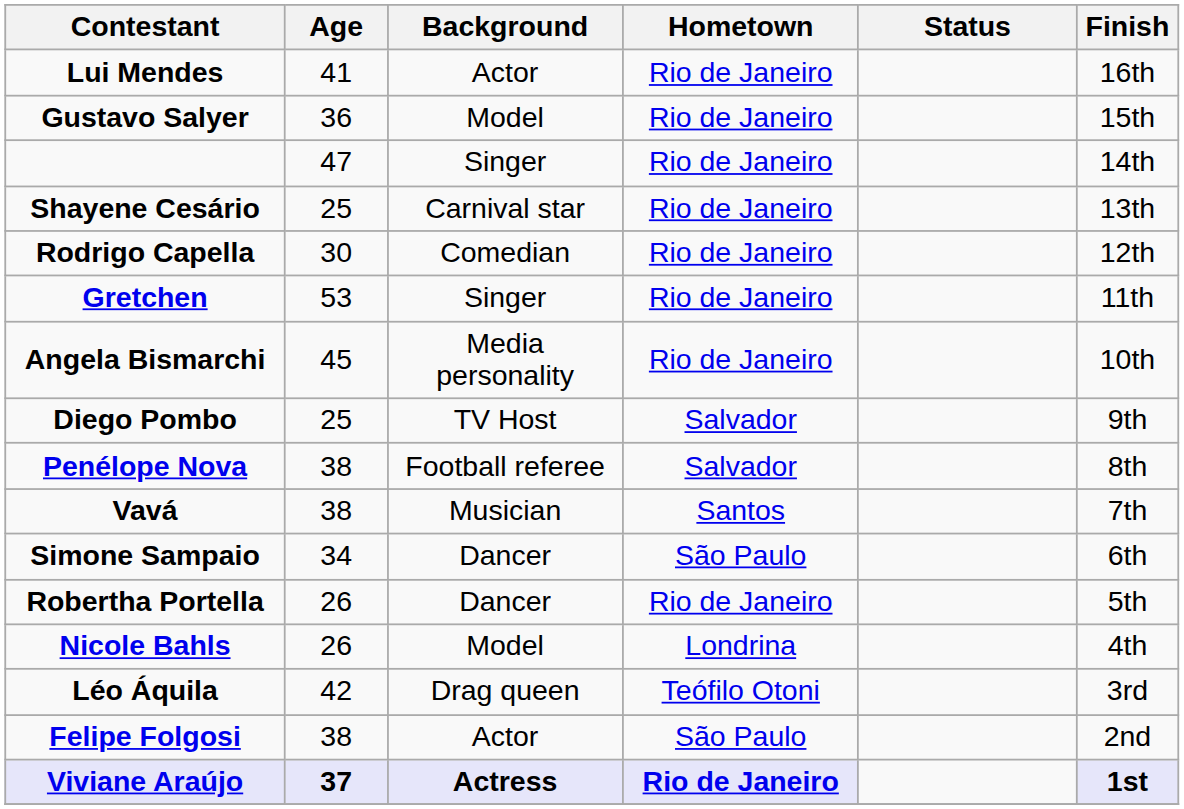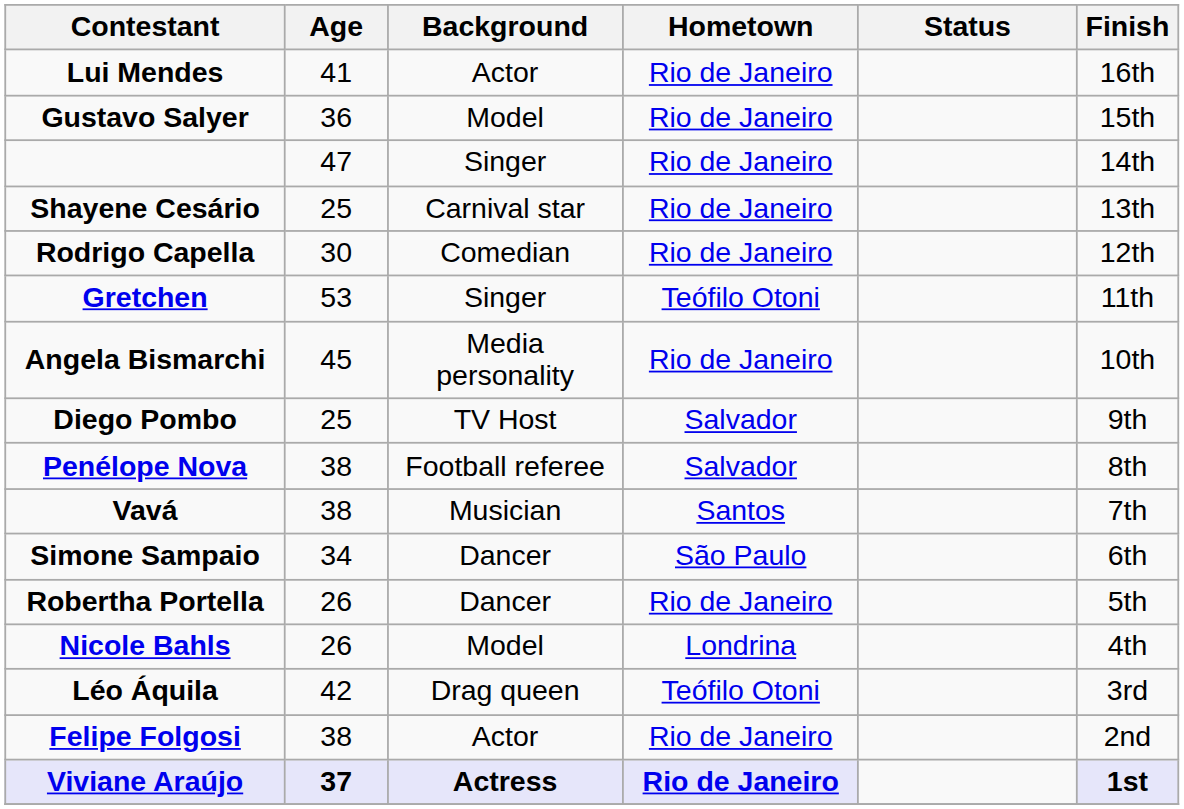 <table class= "wikitable sortable" style="text-align: center; margin:auto; align: center">
 <tr>
 <th width=150>Contestant</th>
 <th width=050>Age</th>
 <th width=125>Background</th>
 <th width=125>Hometown</th>
 <th width=115>Status</th>
 <th width=050>Finish</th>
 </tr>
 <tr>
 <td><strong>Lui Mendes</strong></td>
 <td>41</td>
 <td>Actor</td>
 <td><a href='#'>Rio de Janeiro</a></td>
 <td><br></td>
 <td>16th</td>
 </tr>
 <tr>
 <td><strong>Gustavo Salyer</strong></td>
 <td>36</td>
 <td>Model</td>
 <td><a href='#'>Rio de Janeiro</a></td>
 <td><br></td>
 <td>15th</td>
 </tr>
 <tr>
 <td></td>
 <td>47</td>
 <td>Singer</td>
 <td><a href='#'>Rio de Janeiro</a></td>
 <td><br></td>
 <td>14th</td>
 </tr>
 <tr>
 <td><strong>Shayene Cesário</strong></td>
 <td>25</td>
 <td>Carnival star</td>
 <td><a href='#'>Rio de Janeiro</a></td>
 <td><br></td>
 <td>13th</td>
 </tr>
 <tr>
 <td><strong>Rodrigo Capella</strong></td>
 <td>30</td>
 <td>Comedian</td>
 <td><a href='#'>Rio de Janeiro</a></td>
 <td><br></td>
 <td>12th</td>
 </tr>
 <tr>
 <td><strong><a href='#'>Gretchen</a></strong></td>
 <td>53</td>
 <td>Singer</td>
-<td><a href='#'>Rio de Janeiro</a></td>
+<td><a href='#'>Teófilo Otoni</a></td>
 <td><br></td>
 <td>11th</td>
 </tr>
 <tr>
 <td><strong>Angela Bismarchi</strong></td>
 <td>45</td>
 <td>Media personality</td>
 <td><a href='#'>Rio de Janeiro</a></td>
 <td><br></td>
 <td>10th</td>
 </tr>
 <tr>
 <td><strong>Diego Pombo</strong></td>
 <td>25</td>
 <td>TV Host</td>
 <td><a href='#'>Salvador</a></td>
 <td><br></td>
 <td>9th</td>
 </tr>
 <tr>
 <td><strong><a href='#'>Penélope Nova</a></strong></td>
 <td>38</td>
 <td>Football referee</td>
 <td><a href='#'>Salvador</a></td>
 <td><br></td>
 <td>8th</td>
 </tr>
 <tr>
 <td><strong>Vavá</strong></td>
 <td>38</td>
 <td>Musician</td>
 <td><a href='#'>Santos</a></td>
 <td><br></td>
 <td>7th</td>
 </tr>
 <tr>
 <td><strong>Simone Sampaio</strong></td>
 <td>34</td>
 <td>Dancer</td>
 <td><a href='#'>São Paulo</a></td>
 <td><br></td>
 <td>6th</td>
 </tr>
 <tr>
 <td><strong>Robertha Portella</strong></td>
 <td>26</td>
 <td>Dancer</td>
 <td><a href='#'>Rio de Janeiro</a></td>
 <td><br></td>
 <td>5th</td>
 </tr>
 <tr>
 <td><strong><a href='#'>Nicole Bahls</a></strong></td>
 <td>26</td>
 <td>Model</td>
 <td><a href='#'>Londrina</a></td>
 <td><br></td>
 <td>4th</td>
 </tr>
 <tr>
 <td><strong>Léo Áquila</strong></td>
 <td>42</td>
 <td>Drag queen</td>
 <td><a href='#'>Teófilo Otoni</a></td>
 <td><br></td>
 <td>3rd</td>
 </tr>
 <tr>
 <td><strong><a href='#'>Felipe Folgosi</a></strong></td>
 <td>38</td>
 <td>Actor</td>
-<td><a href='#'>São Paulo</a></td>
+<td><a href='#'>Rio de Janeiro</a></td>
 <td><br></td>
 <td>2nd</td>
 </tr>
 <tr>
 <td bgcolor="E6E6FA" nowrap><strong><a href='#'>Viviane Araújo</a></strong></td>
 <td bgcolor="E6E6FA"><strong>37</strong></td>
 <td bgcolor="E6E6FA"><strong>Actress</strong></td>
 <td bgcolor="E6E6FA"><strong><a href='#'>Rio de Janeiro</a></strong></td>
 <td><br></td>
 <td bgcolor="E6E6FA"><strong>1st</strong></td>
 </tr>
 <tr>
 </tr>
 </table>
